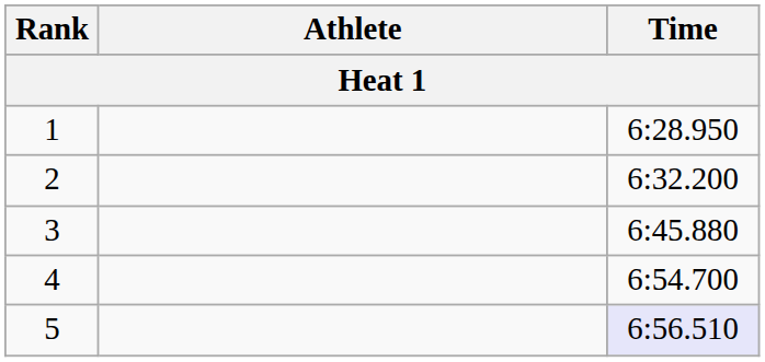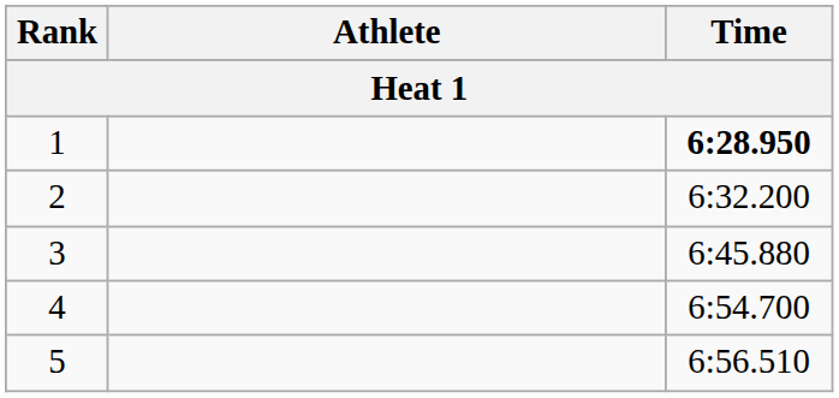 <table class=wikitable style="text-align:center">
 <tr>
 <th width=40>Rank</th>
 <th width=250>Athlete</th>
 <th width=70>Time</th>
 </tr>
 <tr>
 <th colspan=3>Heat 1</th>
 </tr>
 <tr>
 <td>1</td>
 <td style="text-align:left"></td>
-<td>6:28.950</td>
+<td><strong>6:28.950</strong></td>
 </tr>
 <tr>
 <td>2</td>
 <td style="text-align:left"></td>
 <td>6:32.200</td>
 </tr>
 <tr>
 <td>3</td>
 <td style="text-align:left"></td>
 <td>6:45.880</td>
 </tr>
 <tr>
 <td>4</td>
 <td style="text-align:left"></td>
 <td>6:54.700</td>
 </tr>
 <tr>
 <td>5</td>
 <td style="text-align:left"></td>
-<td style="background: lavender;">6:56.510</td>
+<td>6:56.510</td>
 </tr>
 </table>
